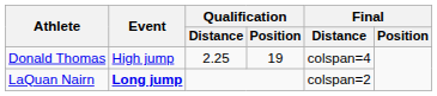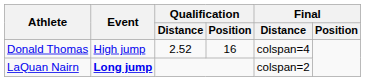 <table class=wikitable style=font-size:90%>
 <tr>
 <th rowspan=2>Athlete</th>
 <th rowspan=2>Event</th>
 <th colspan=2>Qualification</th>
 <th colspan=2>Final</th>
 </tr>
 <tr style=font-size:95%>
 <th>Distance</th>
 <th>Position</th>
 <th>Distance</th>
 <th>Position</th>
 </tr>
 <tr align=center>
 <td align=left><a href='#'>Donald Thomas</a></td>
 <td align=left><a href='#'>High jump</a></td>
-<td>2.25</td>
-<td>19</td>
+<td>2.52</td>
+<td>16</td>
 <td>colspan=4 </td>
 </tr>
 <tr align=center>
 <td align=left><a href='#'>LaQuan Nairn</a></td>
 <td align=left><strong><a href='#'>Long jump</a></strong></td>
 <td colspan=2></td>
 <td>colspan=2 </td>
 </tr>
 </table>
